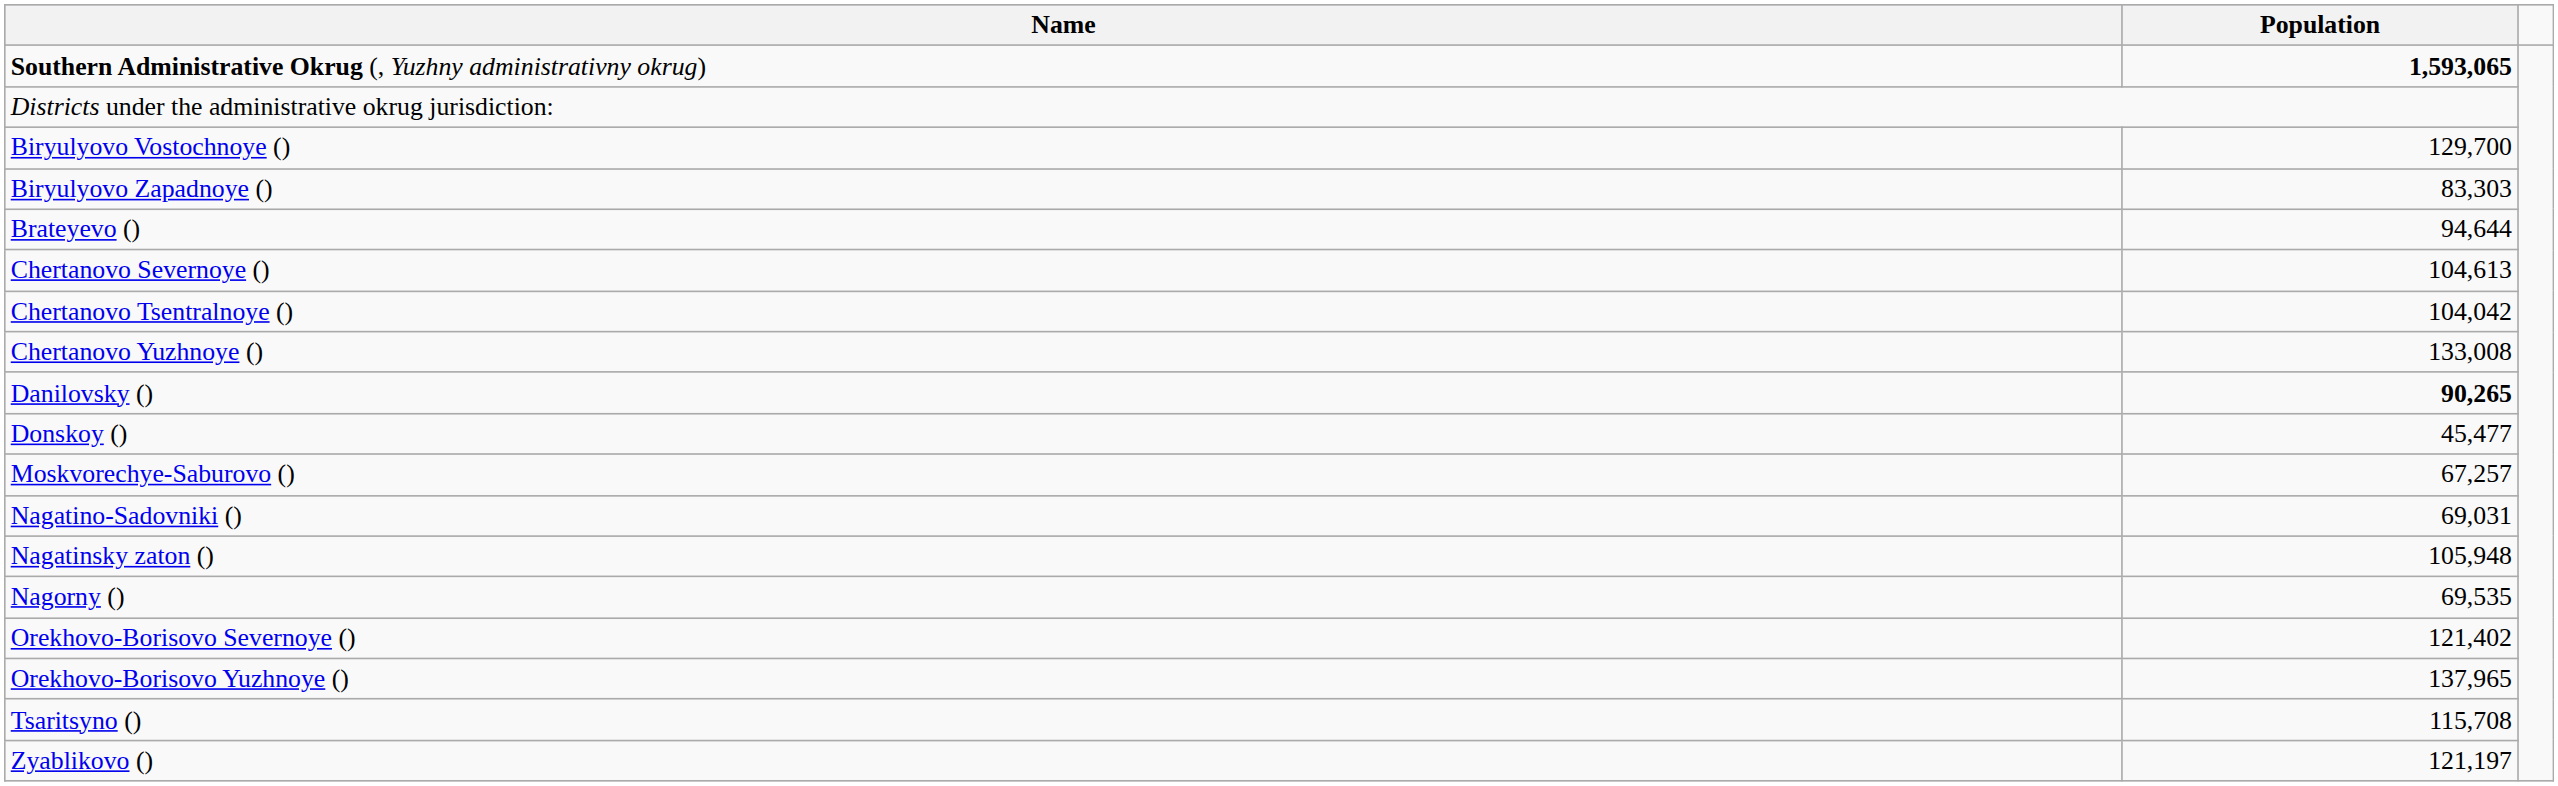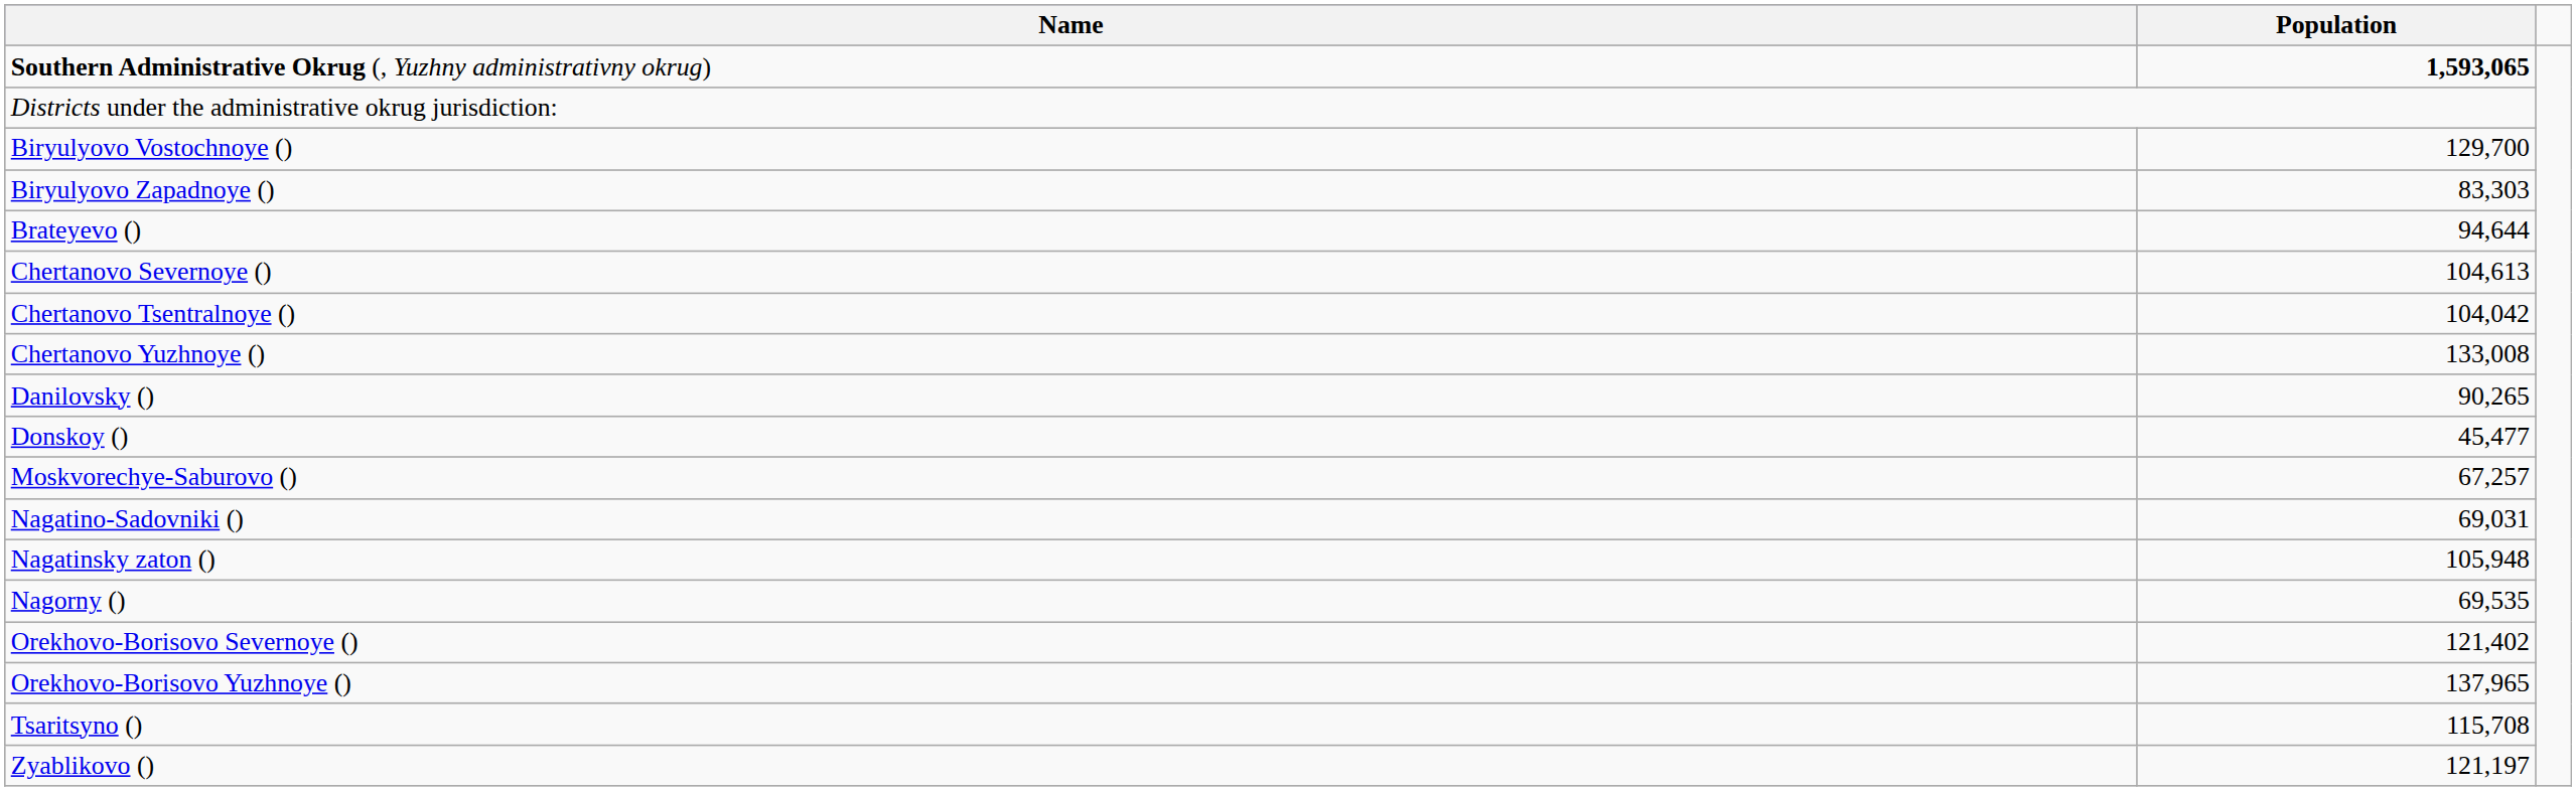 <table width=100% class="wikitable">
 <tr bgcolor="#CCCCFF" align="left">
 <th>Name</th>
 <th>Population</th>
 </tr>
 <tr>
 <td><strong>Southern Administrative Okrug</strong> (, <em>Yuzhny administrativny okrug</em>)</td>
 <td align="right"><strong>1,593,065</strong></td>
 <td rowspan=18></td>
 </tr>
 <tr valign="top">
 <td colspan=2><em>Districts</em> under the administrative okrug jurisdiction:</td>
 </tr>
 <tr>
 <td><a href='#'>Biryulyovo Vostochnoye</a> ()</td>
 <td align="right">129,700</td>
 </tr>
 <tr>
 <td><a href='#'>Biryulyovo Zapadnoye</a> ()</td>
 <td align="right">83,303</td>
 </tr>
 <tr>
 <td><a href='#'>Brateyevo</a> ()</td>
 <td align="right">94,644</td>
 </tr>
 <tr>
 <td><a href='#'>Chertanovo Severnoye</a> ()</td>
 <td align="right">104,613</td>
 </tr>
 <tr>
 <td><a href='#'>Chertanovo Tsentralnoye</a> ()</td>
 <td align="right">104,042</td>
 </tr>
 <tr>
 <td><a href='#'>Chertanovo Yuzhnoye</a> ()</td>
 <td align="right">133,008</td>
 </tr>
 <tr>
 <td><a href='#'>Danilovsky</a> ()</td>
-<td align="right"><strong>90,265</strong></td>
+<td align="right">90,265</td>
 </tr>
 <tr>
 <td><a href='#'>Donskoy</a> ()</td>
 <td align="right">45,477</td>
 </tr>
 <tr>
 <td><a href='#'>Moskvorechye-Saburovo</a> ()</td>
 <td align="right">67,257</td>
 </tr>
 <tr>
 <td><a href='#'>Nagatino-Sadovniki</a> ()</td>
 <td align="right">69,031</td>
 </tr>
 <tr>
 <td><a href='#'>Nagatinsky zaton</a> ()</td>
 <td align="right">105,948</td>
 </tr>
 <tr>
 <td><a href='#'>Nagorny</a> ()</td>
 <td align="right">69,535</td>
 </tr>
 <tr>
 <td><a href='#'>Orekhovo-Borisovo Severnoye</a> ()</td>
 <td align="right">121,402</td>
 </tr>
 <tr>
 <td><a href='#'>Orekhovo-Borisovo Yuzhnoye</a> ()</td>
 <td align="right">137,965</td>
 </tr>
 <tr>
 <td><a href='#'>Tsaritsyno</a> ()</td>
 <td align="right">115,708</td>
 </tr>
 <tr>
 <td><a href='#'>Zyablikovo</a> ()</td>
 <td align="right">121,197</td>
 </tr>
 </table>
